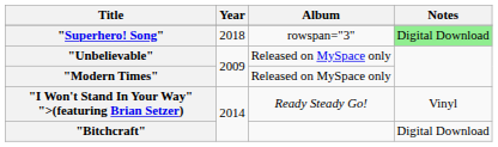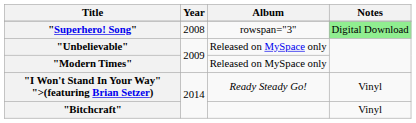 <table class="wikitable plainrowheaders" style="text-align:center;" border="1">
 <tr>
 <th scope="col" style="width:16em;">Title</th>
 <th scope="col">Year</th>
 <th scope="col">Album</th>
 <th scope="col">Notes</th>
 </tr>
 <tr>
 </tr>
 <tr>
 <th scope="row">"<a href='#'>Superhero! Song</a>"</th>
-<td>2018</td>
+<td>2008</td>
 <td>rowspan="3" </td>
 <td style="background: lightgreen;">Digital Download</td>
 </tr>
 <tr>
 <th scope="row">"Unbelievable"</th>
 <td rowspan="2">2009</td>
 <td>Released on <a href='#'>MySpace</a> only</td>
 </tr>
 <tr>
 <th scope="row">"Modern Times"</th>
 <td>Released on MySpace only</td>
 </tr>
 <tr>
 <th scope="row">"I Won't Stand In Your Way" <br><span>">(featuring <a href='#'>Brian Setzer</a>)</span></th>
 <td rowspan="2">2014</td>
 <td><em>Ready Steady Go!</em></td>
 <td>Vinyl</td>
 </tr>
 <tr>
 <th scope="row">"Bitchcraft" </th>
 <td></td>
-<td>Digital Download</td>
+<td>Vinyl</td>
 </tr>
 </table>
